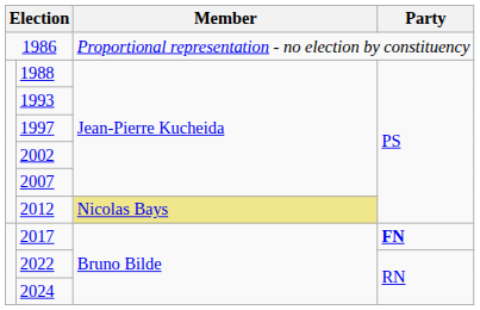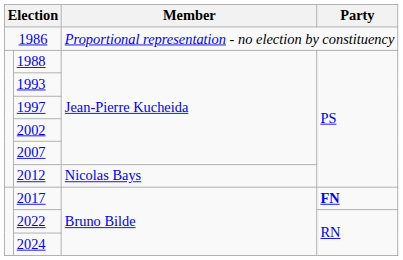 <table class="wikitable">
 <tr>
 <th colspan="2">Election</th>
 <th>Member</th>
 <th>Party</th>
 </tr>
 <tr>
 <td colspan="2" align="center"><a href='#'>1986</a></td>
 <td colspan="2"><em><a href='#'>Proportional representation</a> - no election by constituency</em></td>
 </tr>
 <tr>
 <td rowspan="6" style="background-color: "></td>
 <td><a href='#'>1988</a></td>
 <td rowspan="5"><a href='#'>Jean-Pierre Kucheida</a></td>
 <td rowspan="6"><a href='#'>PS</a></td>
 </tr>
 <tr>
 <td><a href='#'>1993</a></td>
 </tr>
 <tr>
 <td><a href='#'>1997</a></td>
 </tr>
 <tr>
 <td><a href='#'>2002</a></td>
 </tr>
 <tr>
 <td><a href='#'>2007</a></td>
 </tr>
 <tr>
 <td><a href='#'>2012</a></td>
-<td style="background: khaki;"><a href='#'>Nicolas Bays</a></td>
+<td><a href='#'>Nicolas Bays</a></td>
 </tr>
 <tr>
 <td rowspan="3" style="background-color: "></td>
 <td><a href='#'>2017</a></td>
 <td rowspan="3"><a href='#'>Bruno Bilde</a></td>
 <td><strong><a href='#'>FN</a></strong></td>
 </tr>
 <tr>
 <td><a href='#'>2022</a></td>
 <td rowspan="2"><a href='#'>RN</a></td>
 </tr>
 <tr>
 <td><a href='#'>2024</a></td>
 </tr>
 </table>
